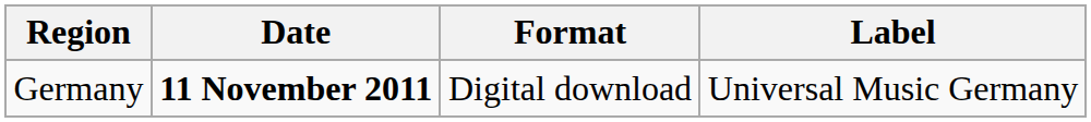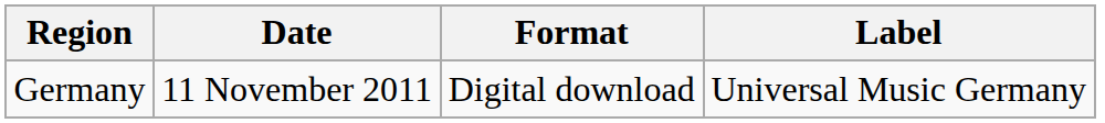 <table class=wikitable>
 <tr>
 <th>Region</th>
 <th>Date</th>
 <th>Format</th>
 <th>Label</th>
 </tr>
 <tr>
 <td>Germany</td>
-<td><strong>11 November 2011</strong></td>
+<td>11 November 2011</td>
 <td>Digital download</td>
 <td>Universal Music Germany</td>
 </tr>
 <tr>
 </tr>
 </table>
